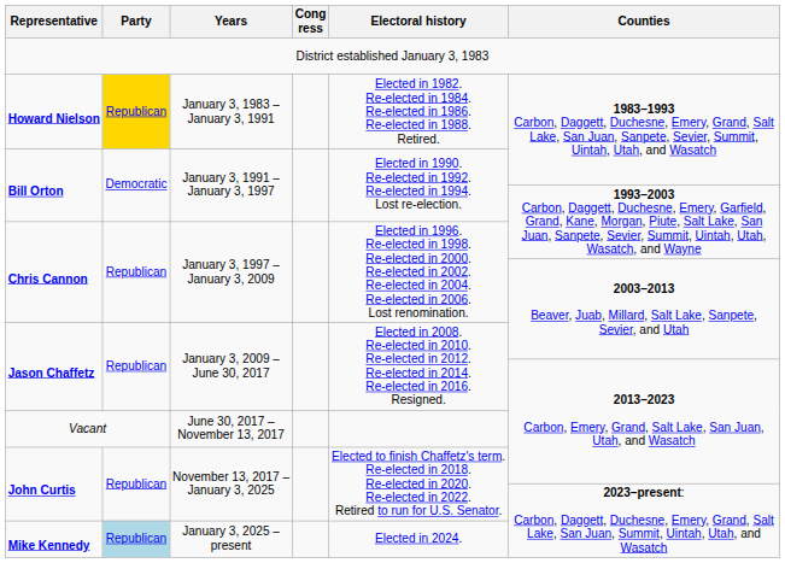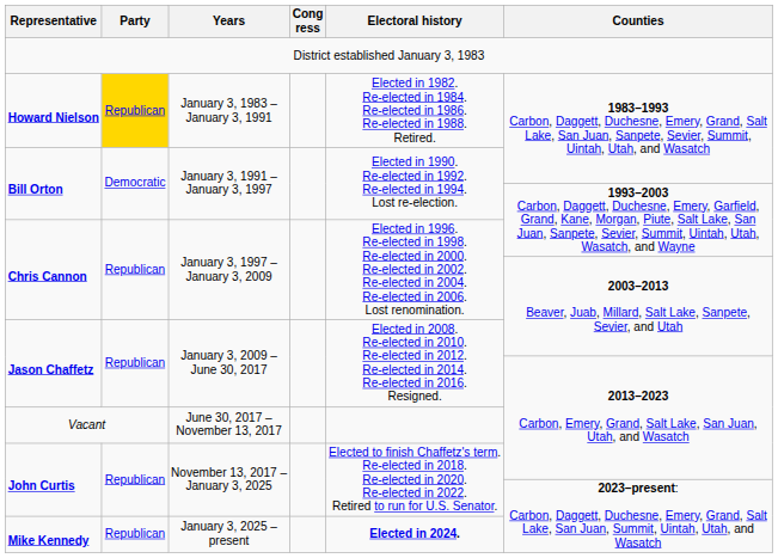 <table class=wikitable style="text-align:center">
 <tr>
 <th>Representative</th>
 <th>Party</th>
 <th>Years</th>
 <th>Cong<br>ress</th>
 <th>Electoral history</th>
 <th width=350px>Counties</th>
 </tr>
 <tr style="height:3em">
 <td colspan=6>District established January 3, 1983</td>
 </tr>
 <tr style="height:3em">
 <td align=left><br><strong><a href='#'>Howard Nielson</a></strong><br></td>
 <td style="background: gold;"><a href='#'>Republican</a></td>
 <td nowrap>January 3, 1983 –<br>January 3, 1991</td>
 <td></td>
 <td><a href='#'>Elected in 1982</a>.<br><a href='#'>Re-elected in 1984</a>.<br><a href='#'>Re-elected in 1986</a>.<br><a href='#'>Re-elected in 1988</a>.<br>Retired.</td>
 <td rowspan=2><strong>1983–1993</strong><br><a href='#'>Carbon</a>, <a href='#'>Daggett</a>, <a href='#'>Duchesne</a>, <a href='#'>Emery</a>, <a href='#'>Grand</a>, <a href='#'>Salt Lake</a>, <a href='#'>San Juan</a>, <a href='#'>Sanpete</a>, <a href='#'>Sevier</a>, <a href='#'>Summit</a>, <a href='#'>Uintah</a>, <a href='#'>Utah</a>, and <a href='#'>Wasatch</a></td>
 </tr>
 <tr style="height:3em">
 <td rowspan=2 align=left><br><strong><a href='#'>Bill Orton</a></strong><br></td>
 <td rowspan=2 ><a href='#'>Democratic</a></td>
 <td rowspan=2 nowrap>January 3, 1991 –<br>January 3, 1997</td>
 <td rowspan=2></td>
 <td rowspan=2><a href='#'>Elected in 1990</a>.<br><a href='#'>Re-elected in 1992</a>.<br><a href='#'>Re-elected in 1994</a>.<br>Lost re-election.</td>
 </tr>
 <tr style="height:3em">
 <td rowspan=2><strong>1993–2003</strong><br><a href='#'>Carbon</a>, <a href='#'>Daggett</a>, <a href='#'>Duchesne</a>, <a href='#'>Emery</a>, <a href='#'>Garfield</a>, <a href='#'>Grand</a>, <a href='#'>Kane</a>, <a href='#'>Morgan</a>, <a href='#'>Piute</a>, <a href='#'>Salt Lake</a>, <a href='#'>San Juan</a>, <a href='#'>Sanpete</a>, <a href='#'>Sevier</a>, <a href='#'>Summit</a>, <a href='#'>Uintah</a>, <a href='#'>Utah</a>, <a href='#'>Wasatch</a>, and <a href='#'>Wayne</a></td>
 </tr>
 <tr style="height:3em">
 <td rowspan=2 align=left><br><strong><a href='#'>Chris Cannon</a></strong><br></td>
 <td rowspan=2 ><a href='#'>Republican</a></td>
 <td rowspan=2 nowrap>January 3, 1997 –<br>January 3, 2009</td>
 <td rowspan=2></td>
 <td rowspan=2><a href='#'>Elected in 1996</a>.<br><a href='#'>Re-elected in 1998</a>.<br><a href='#'>Re-elected in 2000</a>.<br><a href='#'>Re-elected in 2002</a>.<br><a href='#'>Re-elected in 2004</a>.<br><a href='#'>Re-elected in 2006</a>.<br>Lost renomination.</td>
 </tr>
 <tr style="height:3em">
 <td rowspan=2><strong>2003–2013</strong><br><br><a href='#'>Beaver</a>, <a href='#'>Juab</a>, <a href='#'>Millard</a>, <a href='#'>Salt Lake</a>, <a href='#'>Sanpete</a>, <a href='#'>Sevier</a>, and <a href='#'>Utah</a></td>
 </tr>
 <tr style="height:3em">
 <td rowspan=2 align=left><br><strong><a href='#'>Jason Chaffetz</a></strong><br></td>
 <td rowspan=2 ><a href='#'>Republican</a></td>
 <td rowspan=2 nowrap>January 3, 2009 –<br>June 30, 2017</td>
 <td rowspan=2></td>
 <td rowspan=2><a href='#'>Elected in 2008</a>.<br><a href='#'>Re-elected in 2010</a>.<br><a href='#'>Re-elected in 2012</a>.<br><a href='#'>Re-elected in 2014</a>.<br><a href='#'>Re-elected in 2016</a>.<br>Resigned.</td>
 </tr>
 <tr style="height:3em">
 <td rowspan=3><strong>2013–2023</strong><br><br><a href='#'>Carbon</a>, <a href='#'>Emery</a>, <a href='#'>Grand</a>, <a href='#'>Salt Lake</a>, <a href='#'>San Juan</a>, <a href='#'>Utah</a>, and <a href='#'>Wasatch</a></td>
 </tr>
 <tr style="height:3em">
 <td colspan=2><em>Vacant</em></td>
 <td nowrap>June 30, 2017 –<br>November 13, 2017</td>
 <td></td>
 <td></td>
 </tr>
 <tr style="height:3em">
 <td rowspan=2 align=left><br><strong><a href='#'>John Curtis</a></strong><br></td>
 <td rowspan=2 ><a href='#'>Republican</a></td>
 <td rowspan=2 nowrap>November 13, 2017 –<br>January 3, 2025</td>
 <td rowspan=2></td>
 <td rowspan=2><a href='#'>Elected to finish Chaffetz's term</a>.<br><a href='#'>Re-elected in 2018</a>.<br><a href='#'>Re-elected in 2020</a>.<br><a href='#'>Re-elected in 2022</a>.<br>Retired <a href='#'>to run for U.S. Senator</a>.</td>
 </tr>
 <tr style="height:3em">
 <td rowspan="2"><strong>2023–present</strong>:<br><br><a href='#'>Carbon</a>, <a href='#'>Daggett</a>, <a href='#'>Duchesne</a>, <a href='#'>Emery</a>, <a href='#'>Grand</a>, <a href='#'>Salt Lake</a>, <a href='#'>San Juan</a>, <a href='#'>Summit</a>, <a href='#'>Uintah</a>, <a href='#'>Utah</a>, and <a href='#'>Wasatch</a></td>
 </tr>
 <tr>
 <td align=left><br><strong><a href='#'>Mike Kennedy</a></strong> <br></td>
-<td style="background: lightblue;"><a href='#'>Republican</a></td>
+<td><a href='#'>Republican</a></td>
 <td>January 3, 2025 –<br>present</td>
 <td></td>
-<td><a href='#'>Elected in 2024</a>.</td>
+<td><strong><a href='#'>Elected in 2024</a>.</strong></td>
 </tr>
 </table>
